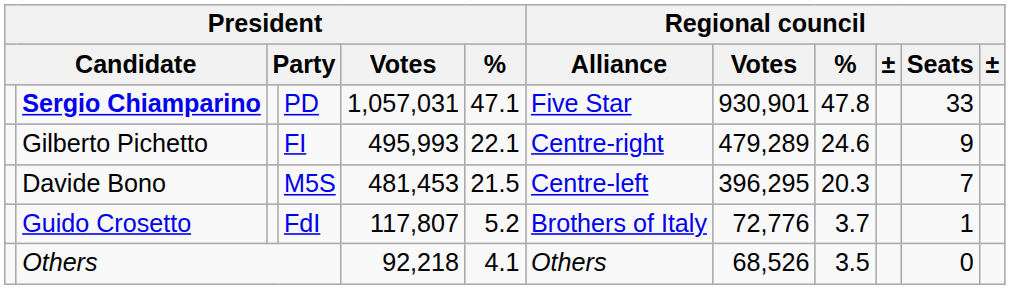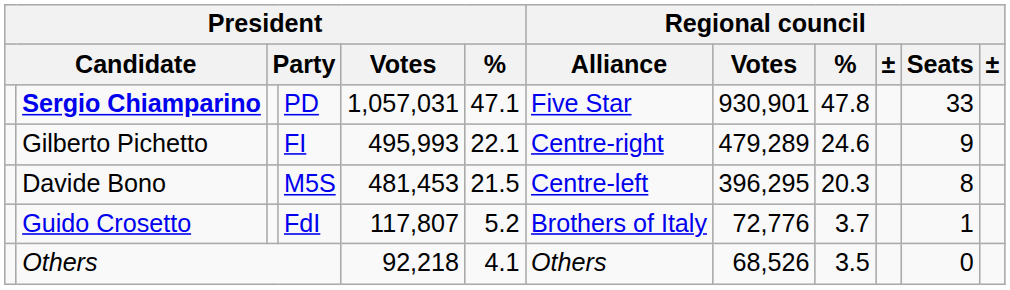 <table class="wikitable" style="text-align:right">
 <tr>
 <th colspan="6">President</th>
 <th colspan="6">Regional council</th>
 </tr>
 <tr>
 <th colspan="2">Candidate</th>
 <th colspan="2">Party</th>
 <th>Votes</th>
 <th>%</th>
 <th>Alliance</th>
 <th>Votes</th>
 <th>%</th>
 <th>±</th>
 <th>Seats</th>
 <th>±</th>
 </tr>
 <tr>
 <td></td>
 <td style="text-align:left"><strong><a href='#'>Sergio Chiamparino</a></strong></td>
 <td></td>
 <td style="text-align:left"><a href='#'>PD</a></td>
 <td>1,057,031</td>
 <td>47.1</td>
 <td style="text-align:left"><a href='#'>Five Star</a></td>
 <td>930,901</td>
 <td>47.8</td>
 <td></td>
 <td>33</td>
 <td></td>
 </tr>
 <tr>
 <td></td>
 <td style="text-align:left">Gilberto Pichetto</td>
 <td></td>
 <td style="text-align:left"><a href='#'>FI</a></td>
 <td>495,993</td>
 <td>22.1</td>
 <td style="text-align:left"><a href='#'>Centre-right</a></td>
 <td>479,289</td>
 <td>24.6</td>
 <td></td>
 <td>9</td>
 <td></td>
 </tr>
 <tr>
 <td></td>
 <td style="text-align:left">Davide Bono</td>
 <td></td>
 <td style="text-align:left"><a href='#'>M5S</a></td>
 <td>481,453</td>
 <td>21.5</td>
 <td style="text-align:left"><a href='#'>Centre-left</a></td>
 <td>396,295</td>
 <td>20.3</td>
 <td></td>
-<td>7</td>
+<td>8</td>
 <td></td>
 </tr>
 <tr>
 <td></td>
 <td style="text-align:left"><a href='#'>Guido Crosetto</a></td>
 <td></td>
 <td style="text-align:left"><a href='#'>FdI</a></td>
 <td>117,807</td>
 <td>5.2</td>
 <td style="text-align:left"><a href='#'>Brothers of Italy</a></td>
 <td>72,776</td>
 <td>3.7</td>
 <td></td>
 <td>1</td>
 <td></td>
 </tr>
 <tr>
 <td></td>
 <td colspan="3" style="text-align:left"><em>Others</em></td>
 <td>92,218</td>
 <td>4.1</td>
 <td style="text-align:left"><em>Others</em></td>
 <td>68,526</td>
 <td>3.5</td>
 <td></td>
 <td>0</td>
 <td></td>
 </tr>
 </table>
